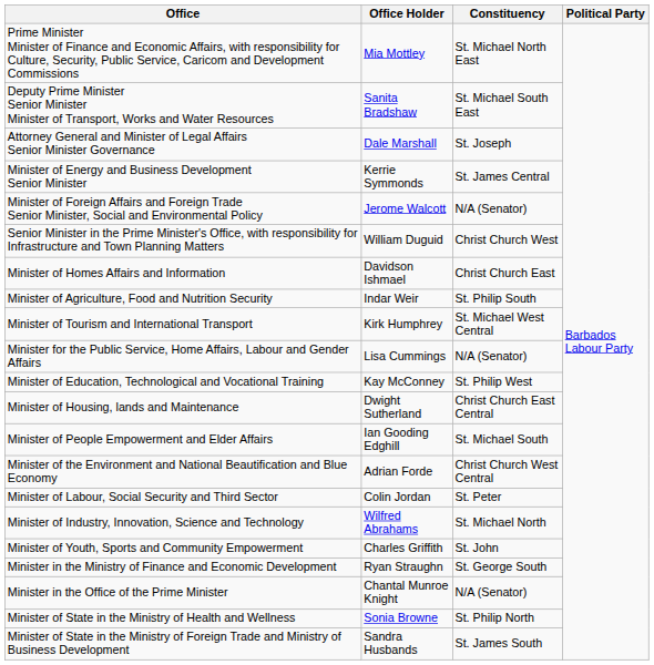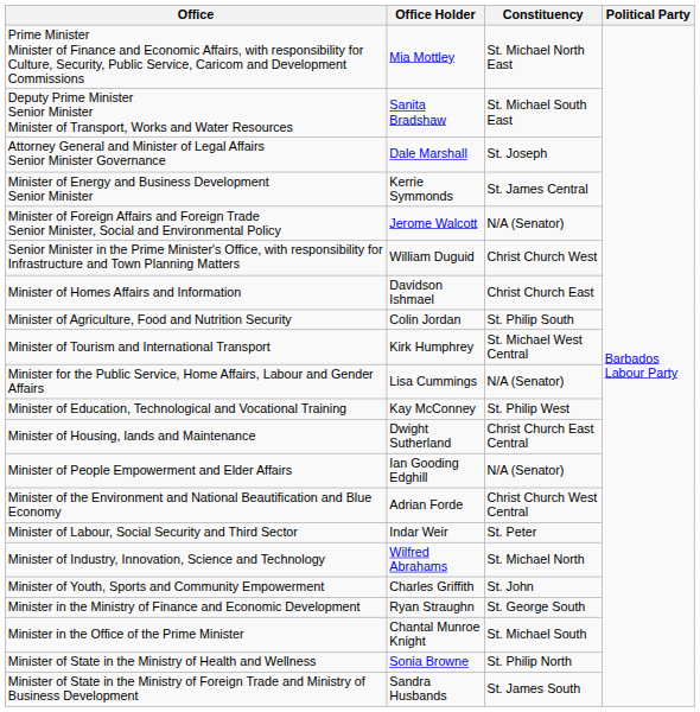 <table class="wikitable sortable">
 <tr>
 <th>Office</th>
 <th>Office Holder</th>
 <th>Constituency</th>
 <th>Political Party</th>
 </tr>
 <tr>
 <td>Prime Minister<br>Minister of Finance and Economic Affairs, with responsibility for Culture, Security, Public Service, Caricom and Development Commissions</td>
 <td><a href='#'>Mia Mottley</a></td>
 <td>St. Michael North East</td>
 <td rowspan=21 style="background:"><a href='#'>Barbados Labour Party</a></td>
 </tr>
 <tr>
 <td>Deputy Prime Minister<br>Senior Minister<br>Minister of Transport, Works and Water Resources</td>
 <td><a href='#'>Sanita Bradshaw</a></td>
 <td>St. Michael South East</td>
 </tr>
 <tr>
 <td>Attorney General and Minister of Legal Affairs<br>Senior Minister Governance</td>
 <td><a href='#'>Dale Marshall</a></td>
 <td>St. Joseph</td>
 </tr>
 <tr>
 <td>Minister of Energy and Business Development<br>Senior Minister</td>
 <td>Kerrie Symmonds</td>
 <td>St. James Central</td>
 </tr>
 <tr>
 <td>Minister of Foreign Affairs and Foreign Trade<br>Senior Minister, Social and Environmental Policy</td>
 <td><a href='#'>Jerome Walcott</a></td>
 <td>N/A (Senator)</td>
 </tr>
 <tr>
 <td>Senior Minister in the Prime Minister's Office, with responsibility for Infrastructure and Town Planning Matters</td>
 <td>William Duguid</td>
 <td>Christ Church West</td>
 </tr>
 <tr>
 <td>Minister of Homes Affairs and Information</td>
 <td>Davidson Ishmael</td>
 <td>Christ Church East</td>
 </tr>
 <tr>
 <td>Minister of Agriculture, Food and Nutrition Security</td>
-<td>Indar Weir</td>
+<td>Colin Jordan</td>
 <td>St. Philip South</td>
 </tr>
 <tr>
 <td>Minister of Tourism and International Transport</td>
 <td>Kirk Humphrey</td>
 <td>St. Michael West Central</td>
 </tr>
 <tr>
 <td>Minister for the Public Service, Home Affairs, Labour and Gender Affairs</td>
 <td>Lisa Cummings</td>
 <td>N/A (Senator)</td>
 </tr>
 <tr>
 <td>Minister of Education, Technological and Vocational Training</td>
 <td>Kay McConney</td>
 <td>St. Philip West</td>
 </tr>
 <tr>
 <td>Minister of Housing, lands and Maintenance</td>
 <td>Dwight Sutherland</td>
 <td>Christ Church East Central</td>
 </tr>
 <tr>
 <td>Minister of People Empowerment and Elder Affairs</td>
 <td>Ian Gooding Edghill</td>
-<td>St. Michael South</td>
+<td>N/A (Senator)</td>
 </tr>
 <tr>
 <td>Minister of the Environment and National Beautification and Blue Economy</td>
 <td>Adrian Forde</td>
 <td>Christ Church West Central</td>
 </tr>
 <tr>
 <td>Minister of Labour, Social Security and Third Sector</td>
-<td>Colin Jordan</td>
+<td>Indar Weir</td>
 <td>St. Peter</td>
 </tr>
 <tr>
 <td>Minister of Industry, Innovation, Science and Technology</td>
 <td><a href='#'>Wilfred Abrahams</a></td>
 <td>St. Michael North</td>
 </tr>
 <tr>
 <td>Minister of Youth, Sports and Community Empowerment</td>
 <td>Charles Griffith</td>
 <td>St. John</td>
 </tr>
 <tr>
 <td>Minister in the Ministry of Finance and Economic Development</td>
 <td>Ryan Straughn</td>
 <td>St. George South</td>
 </tr>
 <tr>
 <td>Minister in the Office of the Prime Minister</td>
 <td>Chantal Munroe Knight</td>
-<td>N/A (Senator)</td>
+<td>St. Michael South</td>
 </tr>
 <tr>
 <td>Minister of State in the Ministry of Health and Wellness</td>
 <td><a href='#'>Sonia Browne</a></td>
 <td>St. Philip North</td>
 </tr>
 <tr>
 <td>Minister of State in the Ministry of Foreign Trade and Ministry of Business Development</td>
 <td>Sandra Husbands</td>
 <td>St. James South</td>
 </tr>
 </table>
